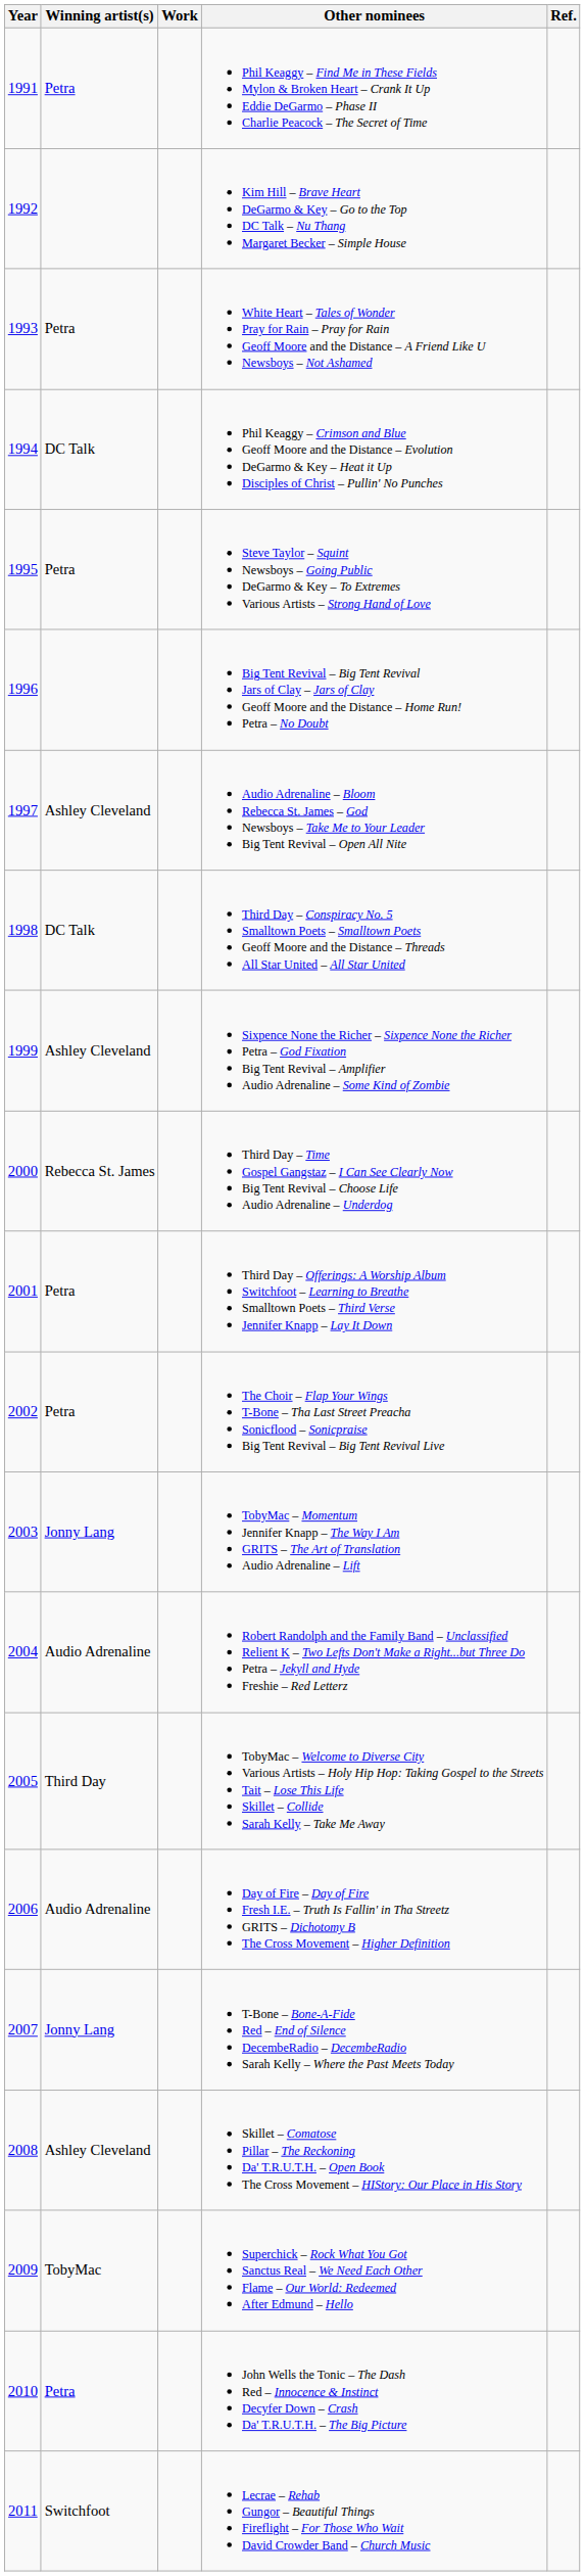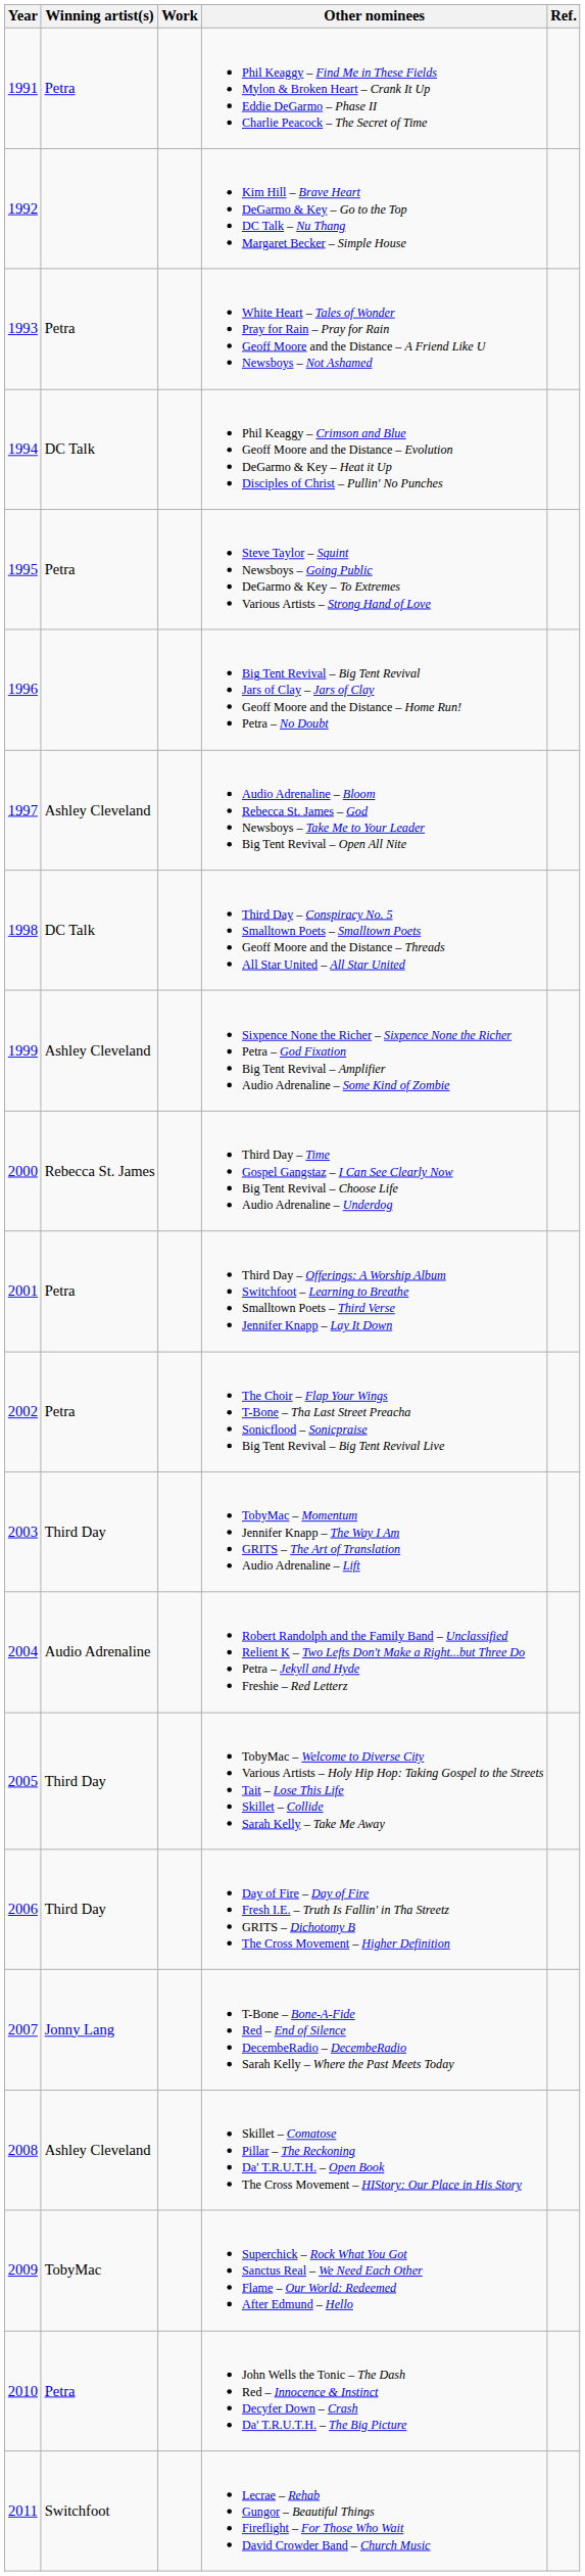 <table class="wikitable sortable">
 <tr>
 <th bgcolor="#efefef">Year</th>
 <th bgcolor="#efefef">Winning artist(s)</th>
 <th bgcolor="#efefef">Work</th>
 <th bgcolor="#efefef" class=unsortable>Other nominees</th>
 <th bgcolor="#efefef" class=unsortable>Ref.</th>
 </tr>
 <tr>
 <td align="center"><a href='#'>1991</a></td>
 <td><a href='#'>Petra</a></td>
 <td></td>
 <td><br><ul><li><small><a href='#'>Phil Keaggy</a> – <em><a href='#'>Find Me in These Fields</a></em></small></li><li><small><a href='#'>Mylon & Broken Heart</a> – <em>Crank It Up</em></small></li><li><small><a href='#'>Eddie DeGarmo</a> – <em>Phase II</em></small></li><li><small><a href='#'>Charlie Peacock</a> – <em>The Secret of Time</em></small></li></ul></td>
 <td align="center"></td>
 </tr>
 <tr>
 <td align="center"><a href='#'>1992</a></td>
 <td></td>
 <td></td>
 <td><br><ul><li><small><a href='#'>Kim Hill</a> – <em><a href='#'>Brave Heart</a></em></small></li><li><small><a href='#'>DeGarmo & Key</a> – <em>Go to the Top</em></small></li><li><small><a href='#'>DC Talk</a> – <em><a href='#'>Nu Thang</a></em></small></li><li><small><a href='#'>Margaret Becker</a> – <em>Simple House</em></small></li></ul></td>
 <td align="center"></td>
 </tr>
 <tr>
 <td align="center"><a href='#'>1993</a></td>
 <td>Petra</td>
 <td></td>
 <td><br><ul><li><small><a href='#'>White Heart</a> – <em><a href='#'>Tales of Wonder</a></em></small></li><li><small><a href='#'>Pray for Rain</a> – <em>Pray for Rain</em></small></li><li><small><a href='#'>Geoff Moore</a> and the Distance – <em>A Friend Like U</em></small></li><li><small><a href='#'>Newsboys</a> – <em><a href='#'>Not Ashamed</a></em></small></li></ul></td>
 <td align="center"></td>
 </tr>
 <tr>
 <td align="center"><a href='#'>1994</a></td>
 <td>DC Talk</td>
 <td></td>
 <td><br><ul><li><small>Phil Keaggy – <em><a href='#'>Crimson and Blue</a></em></small></li><li><small>Geoff Moore and the Distance – <em>Evolution</em></small></li><li><small>DeGarmo & Key – <em>Heat it Up</em></small></li><li><small><a href='#'>Disciples of Christ</a> – <em>Pullin' No Punches</em></small></li></ul></td>
 <td align="center"></td>
 </tr>
 <tr>
 <td align="center"><a href='#'>1995</a></td>
 <td>Petra</td>
 <td></td>
 <td><br><ul><li><small><a href='#'>Steve Taylor</a> – <em><a href='#'>Squint</a></em></small></li><li><small>Newsboys – <em><a href='#'>Going Public</a></em></small></li><li><small>DeGarmo & Key – <em>To Extremes</em></small></li><li><small>Various Artists – <em><a href='#'>Strong Hand of Love</a></em></small></li></ul></td>
 <td align="center"></td>
 </tr>
 <tr>
 <td align="center"><a href='#'>1996</a></td>
 <td></td>
 <td></td>
 <td><br><ul><li><small><a href='#'>Big Tent Revival</a> – <em>Big Tent Revival</em></small></li><li><small><a href='#'>Jars of Clay</a> – <em><a href='#'>Jars of Clay</a></em></small></li><li><small>Geoff Moore and the Distance – <em>Home Run!</em></small></li><li><small>Petra – <em><a href='#'>No Doubt</a></em></small></li></ul></td>
 <td align="center"></td>
 </tr>
 <tr>
 <td align="center"><a href='#'>1997</a></td>
 <td>Ashley Cleveland</td>
 <td></td>
 <td><br><ul><li><small><a href='#'>Audio Adrenaline</a> – <em><a href='#'>Bloom</a></em></small></li><li><small><a href='#'>Rebecca St. James</a> – <em><a href='#'>God</a></em></small></li><li><small>Newsboys – <em><a href='#'>Take Me to Your Leader</a></em></small></li><li><small>Big Tent Revival – <em>Open All Nite</em></small></li></ul></td>
 <td align="center"></td>
 </tr>
 <tr>
 <td align="center"><a href='#'>1998</a></td>
 <td>DC Talk</td>
 <td></td>
 <td><br><ul><li><small><a href='#'>Third Day</a> – <em><a href='#'>Conspiracy No. 5</a></em></small></li><li><small><a href='#'>Smalltown Poets</a> – <em><a href='#'>Smalltown Poets</a></em></small></li><li><small>Geoff Moore and the Distance – <em>Threads</em></small></li><li><small><a href='#'>All Star United</a> – <em><a href='#'>All Star United</a></em></small></li></ul></td>
 <td align="center"></td>
 </tr>
 <tr>
 <td align="center"><a href='#'>1999</a></td>
 <td>Ashley Cleveland</td>
 <td></td>
 <td><br><ul><li><small><a href='#'>Sixpence None the Richer</a> – <em><a href='#'>Sixpence None the Richer</a></em></small></li><li><small>Petra – <em><a href='#'>God Fixation</a></em></small></li><li><small>Big Tent Revival – <em>Amplifier</em></small></li><li><small>Audio Adrenaline – <em><a href='#'>Some Kind of Zombie</a></em></small></li></ul></td>
 <td align="center"></td>
 </tr>
 <tr>
 <td align="center"><a href='#'>2000</a></td>
 <td>Rebecca St. James</td>
 <td></td>
 <td><br><ul><li><small>Third Day – <em><a href='#'>Time</a></em></small></li><li><small><a href='#'>Gospel Gangstaz</a> – <em><a href='#'>I Can See Clearly Now</a></em></small></li><li><small>Big Tent Revival – <em>Choose Life</em></small></li><li><small>Audio Adrenaline – <em><a href='#'>Underdog</a></em></small></li></ul></td>
 <td align="center"></td>
 </tr>
 <tr>
 <td align="center"><a href='#'>2001</a></td>
 <td>Petra</td>
 <td></td>
 <td><br><ul><li><small>Third Day – <em><a href='#'>Offerings: A Worship Album</a></em></small></li><li><small><a href='#'>Switchfoot</a> – <em><a href='#'>Learning to Breathe</a></em></small></li><li><small>Smalltown Poets – <em><a href='#'>Third Verse</a></em></small></li><li><small><a href='#'>Jennifer Knapp</a> – <em><a href='#'>Lay It Down</a></em></small></li></ul></td>
 <td align="center"></td>
 </tr>
 <tr>
 <td align="center"><a href='#'>2002</a></td>
 <td>Petra</td>
 <td></td>
 <td><br><ul><li><small><a href='#'>The Choir</a> – <em><a href='#'>Flap Your Wings</a></em></small></li><li><small><a href='#'>T-Bone</a> – <em>Tha Last Street Preacha</em></small></li><li><small><a href='#'>Sonicflood</a> – <em><a href='#'>Sonicpraise</a></em></small></li><li><small>Big Tent Revival – <em>Big Tent Revival Live</em></small></li></ul></td>
 <td align="center"></td>
 </tr>
 <tr>
 <td align="center"><a href='#'>2003</a></td>
-<td><a href='#'>Jonny Lang</a></td>
+<td>Third Day</td>
 <td></td>
 <td><br><ul><li><small><a href='#'>TobyMac</a> – <em><a href='#'>Momentum</a></em></small></li><li><small>Jennifer Knapp – <em><a href='#'>The Way I Am</a></em></small></li><li><small><a href='#'>GRITS</a> – <em><a href='#'>The Art of Translation</a></em></small></li><li><small>Audio Adrenaline – <em><a href='#'>Lift</a></em></small></li></ul></td>
 <td align="center"></td>
 </tr>
 <tr>
 <td align="center"><a href='#'>2004</a></td>
 <td>Audio Adrenaline</td>
 <td></td>
 <td><br><ul><li><small><a href='#'>Robert Randolph and the Family Band</a> – <em><a href='#'>Unclassified</a></em></small></li><li><small><a href='#'>Relient K</a> – <em><a href='#'>Two Lefts Don't Make a Right...but Three Do</a></em></small></li><li><small>Petra – <em><a href='#'>Jekyll and Hyde</a></em></small></li><li><small>Freshie – <em>Red Letterz</em></small></li></ul></td>
 <td align="center"></td>
 </tr>
 <tr>
 <td align="center"><a href='#'>2005</a></td>
 <td>Third Day</td>
 <td></td>
 <td><br><ul><li><small>TobyMac – <em><a href='#'>Welcome to Diverse City</a></em></small></li><li><small>Various Artists – <em>Holy Hip Hop: Taking Gospel to the Streets</em></small></li><li><small><a href='#'>Tait</a> – <em><a href='#'>Lose This Life</a></em></small></li><li><small><a href='#'>Skillet</a> – <em><a href='#'>Collide</a></em></small></li><li><small><a href='#'>Sarah Kelly</a> – <em>Take Me Away</em></small></li></ul></td>
 <td align="center"></td>
 </tr>
 <tr>
 <td align="center"><a href='#'>2006</a></td>
-<td>Audio Adrenaline</td>
+<td>Third Day</td>
 <td></td>
 <td><br><ul><li><small><a href='#'>Day of Fire</a> – <em><a href='#'>Day of Fire</a></em></small></li><li><small><a href='#'>Fresh I.E.</a> – <em>Truth Is Fallin' in Tha Streetz</em></small></li><li><small>GRITS – <em><a href='#'>Dichotomy B</a></em></small></li><li><small><a href='#'>The Cross Movement</a> – <em><a href='#'>Higher Definition</a></em></small></li></ul></td>
 <td align="center"></td>
 </tr>
 <tr>
 <td align="center"><a href='#'>2007</a></td>
 <td><a href='#'>Jonny Lang</a></td>
 <td></td>
 <td><br><ul><li><small>T-Bone – <em><a href='#'>Bone-A-Fide</a></em></small></li><li><small><a href='#'>Red</a> – <em><a href='#'>End of Silence</a></em></small></li><li><small><a href='#'>DecembeRadio</a> – <em><a href='#'>DecembeRadio</a></em></small></li><li><small>Sarah Kelly – <em>Where the Past Meets Today</em></small></li></ul></td>
 <td align="center"></td>
 </tr>
 <tr>
 <td align="center"><a href='#'>2008</a></td>
 <td>Ashley Cleveland</td>
 <td></td>
 <td><br><ul><li><small>Skillet – <em><a href='#'>Comatose</a></em></small></li><li><small><a href='#'>Pillar</a> – <em><a href='#'>The Reckoning</a></em></small></li><li><small><a href='#'>Da' T.R.U.T.H.</a> – <em><a href='#'>Open Book</a></em></small></li><li><small>The Cross Movement – <em><a href='#'>HIStory: Our Place in His Story</a></em></small></li></ul></td>
 <td align="center"></td>
 </tr>
 <tr>
 <td align="center"><a href='#'>2009</a></td>
 <td>TobyMac</td>
 <td></td>
 <td><br><ul><li><small><a href='#'>Superchick</a> – <em><a href='#'>Rock What You Got</a></em></small></li><li><small><a href='#'>Sanctus Real</a> – <em><a href='#'>We Need Each Other</a></em></small></li><li><small><a href='#'>Flame</a> – <em><a href='#'>Our World: Redeemed</a></em></small></li><li><small><a href='#'>After Edmund</a> – <em><a href='#'>Hello</a></em></small></li></ul></td>
 <td align="center"></td>
 </tr>
 <tr>
 <td align="center"><a href='#'>2010</a></td>
 <td><a href='#'>Petra</a></td>
 <td></td>
 <td><br><ul><li><small>John Wells the Tonic – <em>The Dash</em></small></li><li><small>Red – <em><a href='#'>Innocence & Instinct</a></em></small></li><li><small><a href='#'>Decyfer Down</a> – <em><a href='#'>Crash</a></em></small></li><li><small><a href='#'>Da' T.R.U.T.H.</a> – <em><a href='#'>The Big Picture</a></em></small></li></ul></td>
 <td align="center"></td>
 </tr>
 <tr>
 <td align="center"><a href='#'>2011</a></td>
 <td>Switchfoot</td>
 <td></td>
 <td><br><ul><li><small><a href='#'>Lecrae</a> – <em><a href='#'>Rehab</a></em></small></li><li><small><a href='#'>Gungor</a> – <em>Beautiful Things</em></small></li><li><small><a href='#'>Fireflight</a> – <em><a href='#'>For Those Who Wait</a></em></small></li><li><small><a href='#'>David Crowder Band</a> – <em><a href='#'>Church Music</a></em></small></li></ul></td>
 <td align="center"></td>
 </tr>
 </table>
